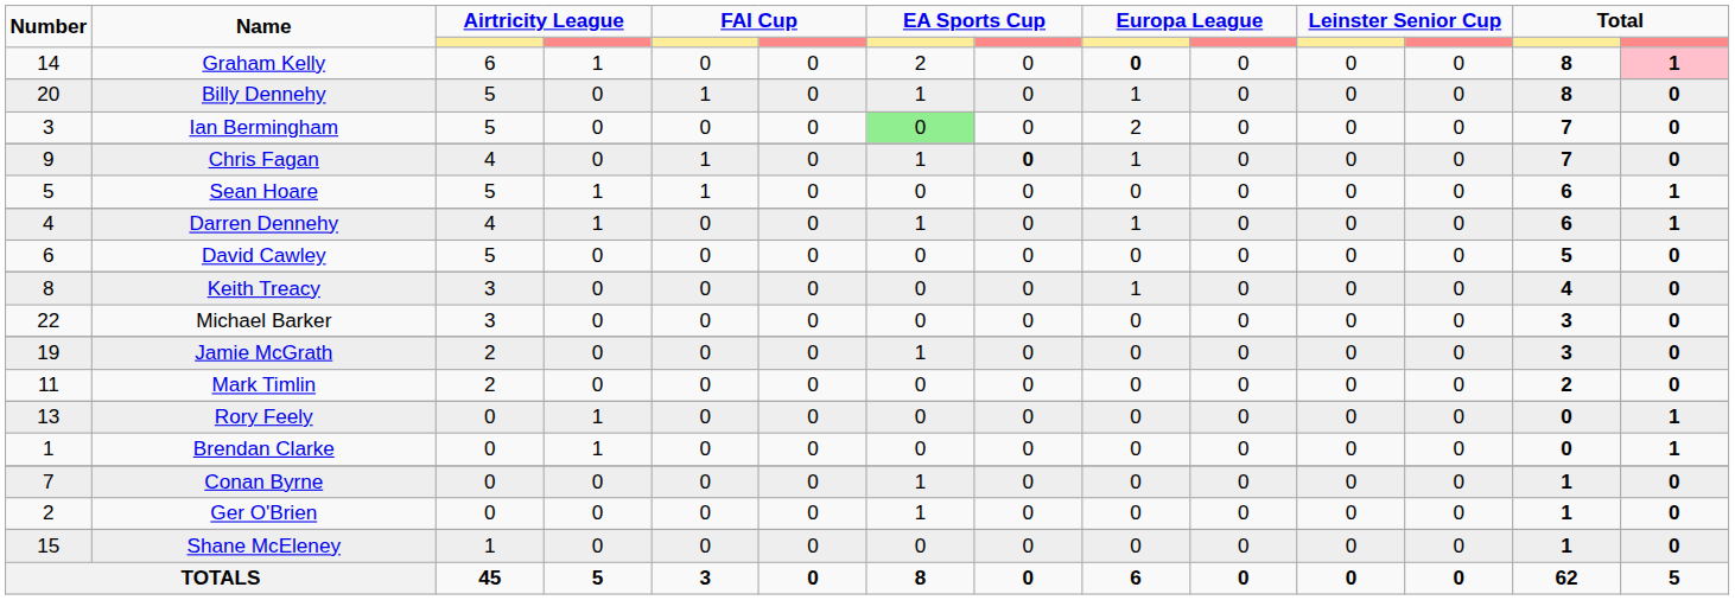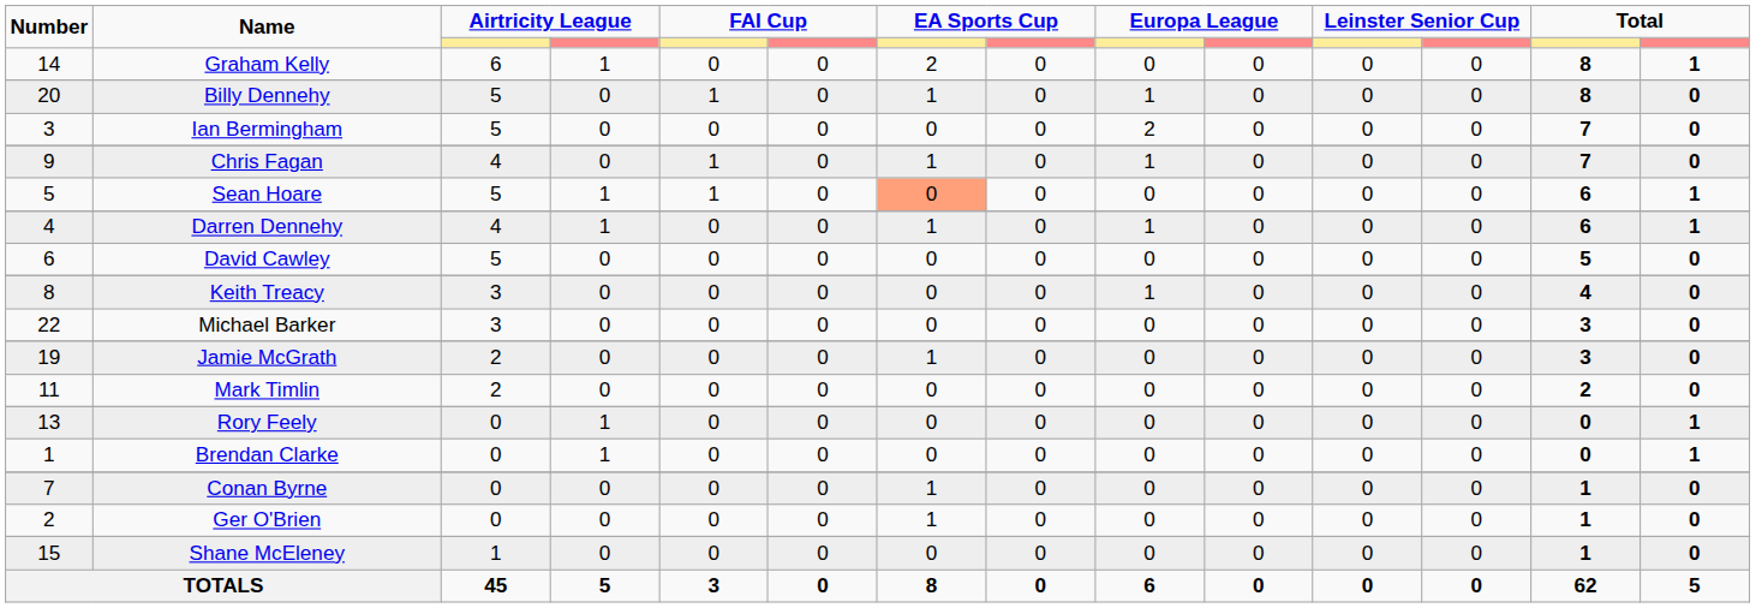 <table class="wikitable" style="text-align:center;">
 <tr style="text-align:center;">
 <td rowspan="2"  style="width:5%; "><strong>Number</strong></td>
 <td rowspan="2"  style="width:20%; "><strong>Name</strong></td>
 <td colspan="2"><strong><a href='#'>Airtricity League</a></strong></td>
 <td colspan="2"><strong><a href='#'>FAI Cup</a></strong></td>
 <td colspan="2"><strong><a href='#'>EA Sports Cup</a></strong></td>
 <td colspan="2"><strong><a href='#'>Europa League</a></strong></td>
 <td colspan="2"><strong><a href='#'>Leinster Senior Cup</a></strong></td>
 <td colspan="2"><strong>Total</strong></td>
 </tr>
 <tr>
 <th style="width:60px; background:#fe9;"></th>
 <th style="width:60px; background:#ff8888;"></th>
 <th style="width:60px; background:#fe9;"></th>
 <th style="width:60px; background:#ff8888;"></th>
 <th style="width:60px; background:#fe9;"></th>
 <th style="width:60px; background:#ff8888;"></th>
 <th style="width:60px; background:#fe9;"></th>
 <th style="width:60px; background:#ff8888;"></th>
 <th style="width:60px; background:#fe9;"></th>
 <th style="width:60px; background:#ff8888;"></th>
 <th style="width:60px; background:#fe9;"></th>
 <th style="width:60px; background:#ff8888;"></th>
 </tr>
 <tr>
 <td>14</td>
 <td><a href='#'>Graham Kelly</a></td>
 <td>6</td>
 <td>1</td>
 <td>0</td>
 <td>0</td>
 <td>2</td>
 <td>0</td>
-<td><strong>0</strong></td>
+<td>0</td>
 <td>0</td>
 <td>0</td>
 <td>0</td>
 <td><strong>8</strong></td>
-<td style="background: pink;"><strong>1</strong></td>
+<td><strong>1</strong></td>
 </tr>
 <tr>
 </tr>
 <tr style="background:#eee;">
 <td>20</td>
 <td><a href='#'>Billy Dennehy</a></td>
 <td>5</td>
 <td>0</td>
 <td>1</td>
 <td>0</td>
 <td>1</td>
 <td>0</td>
 <td>1</td>
 <td>0</td>
 <td>0</td>
 <td>0</td>
 <td><strong>8</strong></td>
 <td><strong>0</strong></td>
 </tr>
 <tr>
 <td>3</td>
 <td><a href='#'>Ian Bermingham</a></td>
 <td>5</td>
 <td>0</td>
 <td>0</td>
 <td>0</td>
-<td style="background: lightgreen;">0</td>
+<td>0</td>
 <td>0</td>
 <td>2</td>
 <td>0</td>
 <td>0</td>
 <td>0</td>
 <td><strong>7</strong></td>
 <td><strong>0</strong></td>
 </tr>
 <tr>
 </tr>
 <tr style="background:#eee;">
 <td>9</td>
 <td><a href='#'>Chris Fagan</a></td>
 <td>4</td>
 <td>0</td>
 <td>1</td>
 <td>0</td>
 <td>1</td>
-<td><strong>0</strong></td>
+<td>0</td>
 <td>1</td>
 <td>0</td>
 <td>0</td>
 <td>0</td>
 <td><strong>7</strong></td>
 <td><strong>0</strong></td>
 </tr>
 <tr>
 <td>5</td>
 <td><a href='#'>Sean Hoare</a></td>
 <td>5</td>
 <td>1</td>
 <td>1</td>
 <td>0</td>
-<td>0</td>
+<td style="background: lightsalmon;">0</td>
 <td>0</td>
 <td>0</td>
 <td>0</td>
 <td>0</td>
 <td>0</td>
 <td><strong>6</strong></td>
 <td><strong>1</strong></td>
 </tr>
 <tr>
 </tr>
 <tr style="background:#eee;">
 <td>4</td>
 <td><a href='#'>Darren Dennehy</a></td>
 <td>4</td>
 <td>1</td>
 <td>0</td>
 <td>0</td>
 <td>1</td>
 <td>0</td>
 <td>1</td>
 <td>0</td>
 <td>0</td>
 <td>0</td>
 <td><strong>6</strong></td>
 <td><strong>1</strong></td>
 </tr>
 <tr>
 <td>6</td>
 <td><a href='#'>David Cawley</a></td>
 <td>5</td>
 <td>0</td>
 <td>0</td>
 <td>0</td>
 <td>0</td>
 <td>0</td>
 <td>0</td>
 <td>0</td>
 <td>0</td>
 <td>0</td>
 <td><strong>5</strong></td>
 <td><strong>0</strong></td>
 </tr>
 <tr>
 </tr>
 <tr style="background:#eee;">
 <td>8</td>
 <td><a href='#'>Keith Treacy</a></td>
 <td>3</td>
 <td>0</td>
 <td>0</td>
 <td>0</td>
 <td>0</td>
 <td>0</td>
 <td>1</td>
 <td>0</td>
 <td>0</td>
 <td>0</td>
 <td><strong>4</strong></td>
 <td><strong>0</strong></td>
 </tr>
 <tr>
 <td>22</td>
 <td>Michael Barker</td>
 <td>3</td>
 <td>0</td>
 <td>0</td>
 <td>0</td>
 <td>0</td>
 <td>0</td>
 <td>0</td>
 <td>0</td>
 <td>0</td>
 <td>0</td>
 <td><strong>3</strong></td>
 <td><strong>0</strong></td>
 </tr>
 <tr>
 </tr>
 <tr style="background:#eee;">
 <td>19</td>
 <td><a href='#'>Jamie McGrath</a></td>
 <td>2</td>
 <td>0</td>
 <td>0</td>
 <td>0</td>
 <td>1</td>
 <td>0</td>
 <td>0</td>
 <td>0</td>
 <td>0</td>
 <td>0</td>
 <td><strong>3</strong></td>
 <td><strong>0</strong></td>
 </tr>
 <tr>
 <td>11</td>
 <td><a href='#'>Mark Timlin</a></td>
 <td>2</td>
 <td>0</td>
 <td>0</td>
 <td>0</td>
 <td>0</td>
 <td>0</td>
 <td>0</td>
 <td>0</td>
 <td>0</td>
 <td>0</td>
 <td><strong>2</strong></td>
 <td><strong>0</strong></td>
 </tr>
 <tr>
 </tr>
 <tr style="background:#eee;">
 <td>13</td>
 <td><a href='#'>Rory Feely</a></td>
 <td>0</td>
 <td>1</td>
 <td>0</td>
 <td>0</td>
 <td>0</td>
 <td>0</td>
 <td>0</td>
 <td>0</td>
 <td>0</td>
 <td>0</td>
 <td><strong>0</strong></td>
 <td><strong>1</strong></td>
 </tr>
 <tr>
 <td>1</td>
 <td><a href='#'>Brendan Clarke</a></td>
 <td>0</td>
 <td>1</td>
 <td>0</td>
 <td>0</td>
 <td>0</td>
 <td>0</td>
 <td>0</td>
 <td>0</td>
 <td>0</td>
 <td>0</td>
 <td><strong>0</strong></td>
 <td><strong>1</strong></td>
 </tr>
 <tr>
 </tr>
 <tr style="background:#eee;">
 <td>7</td>
 <td><a href='#'>Conan Byrne</a></td>
 <td>0</td>
 <td>0</td>
 <td>0</td>
 <td>0</td>
 <td>1</td>
 <td>0</td>
 <td>0</td>
 <td>0</td>
 <td>0</td>
 <td>0</td>
 <td><strong>1</strong></td>
 <td><strong>0</strong></td>
 </tr>
 <tr>
 <td>2</td>
 <td><a href='#'>Ger O'Brien</a></td>
 <td>0</td>
 <td>0</td>
 <td>0</td>
 <td>0</td>
 <td>1</td>
 <td>0</td>
 <td>0</td>
 <td>0</td>
 <td>0</td>
 <td>0</td>
 <td><strong>1</strong></td>
 <td><strong>0</strong></td>
 </tr>
 <tr>
 </tr>
 <tr style="background:#eee;">
 <td>15</td>
 <td><a href='#'>Shane McEleney</a></td>
 <td>1</td>
 <td>0</td>
 <td>0</td>
 <td>0</td>
 <td>0</td>
 <td>0</td>
 <td>0</td>
 <td>0</td>
 <td>0</td>
 <td>0</td>
 <td><strong>1</strong></td>
 <td><strong>0</strong></td>
 </tr>
 <tr>
 <th colspan="2">TOTALS</th>
 <td><strong>45</strong></td>
 <td><strong>5</strong></td>
 <td><strong>3</strong></td>
 <td><strong>0</strong></td>
 <td><strong>8</strong></td>
 <td><strong>0</strong></td>
 <td><strong>6</strong></td>
 <td><strong>0</strong></td>
 <td><strong>0</strong></td>
 <td><strong>0</strong></td>
 <td><strong>62</strong></td>
 <td><strong>5</strong></td>
 </tr>
 </table>
